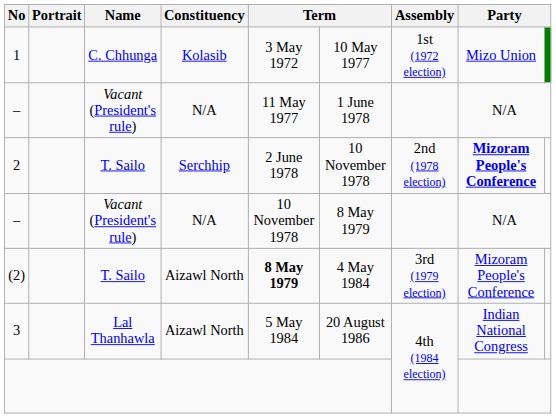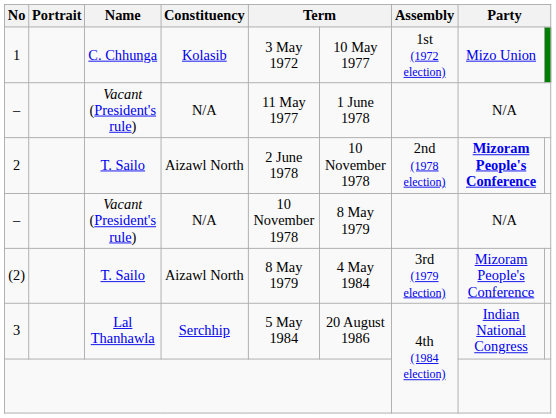 <table class="wikitable">
 <tr>
 <th scope=col>No</th>
 <th>Portrait</th>
 <th scope="col">Name</th>
 <th scope=col>Constituency</th>
 <th colspan="2">Term</th>
 <th>Assembly<br></th>
 <th colspan="2" scope="col">Party</th>
 </tr>
 <tr align=center style="height: 60px;">
 <td>1</td>
 <td></td>
 <td><a href='#'>C. Chhunga</a></td>
 <td><a href='#'>Kolasib</a></td>
 <td>3 May 1972</td>
 <td>10 May 1977</td>
 <td>1st<br><a href='#'><small>(1972 election)</small></a></td>
 <td><a href='#'>Mizo Union</a></td>
 <td style="background-color: green"></td>
 </tr>
 <tr align=center style="height: 60px;">
 <td>–</td>
 <td></td>
 <td><em>Vacant</em><br>(<a href='#'>President's rule</a>)</td>
 <td>N/A</td>
 <td>11 May 1977</td>
 <td>1 June 1978</td>
 <td></td>
 <td colspan="2">N/A</td>
 </tr>
 <tr align=center style="height: 60px;">
 <td>2</td>
 <td></td>
 <td><a href='#'>T. Sailo</a></td>
-<td><a href='#'>Serchhip</a></td>
+<td>Aizawl North</td>
 <td>2 June 1978</td>
 <td>10 November 1978</td>
 <td>2nd<br><a href='#'><small>(1978 election)</small></a></td>
 <td><strong><a href='#'>Mizoram People's Conference</a></strong></td>
 <td style="background-color: "></td>
 </tr>
 <tr align=center style="height: 60px;">
 <td>–</td>
 <td></td>
 <td><em>Vacant</em><br>(<a href='#'>President's rule</a>)</td>
 <td>N/A</td>
 <td>10 November 1978</td>
 <td>8 May 1979</td>
 <td></td>
 <td colspan="2">N/A</td>
 </tr>
 <tr align=center style="height: 60px;">
 <td>(2)</td>
 <td></td>
 <td><a href='#'>T. Sailo</a></td>
 <td>Aizawl North</td>
-<td><strong>8 May 1979</strong></td>
+<td>8 May 1979</td>
 <td>4 May 1984</td>
 <td>3rd<br><a href='#'><small>(1979 election)</small></a></td>
 <td><a href='#'>Mizoram People's Conference</a></td>
 <td style="background-color: "></td>
 </tr>
 <tr align=center style="height: 60px;">
 <td>3</td>
 <td></td>
 <td><a href='#'>Lal Thanhawla</a></td>
-<td>Aizawl North</td>
+<td><a href='#'>Serchhip</a></td>
 <td>5 May 1984</td>
 <td>20 August 1986</td>
 <td rowspan="2">4th<br><a href='#'><small>(1984 election)</small></a></td>
 <td><a href='#'>Indian National Congress</a></td>
 <td style="background-color: "></td>
 </tr>
 <tr align=center style="height: 60px;">
 </tr>
 </table>
